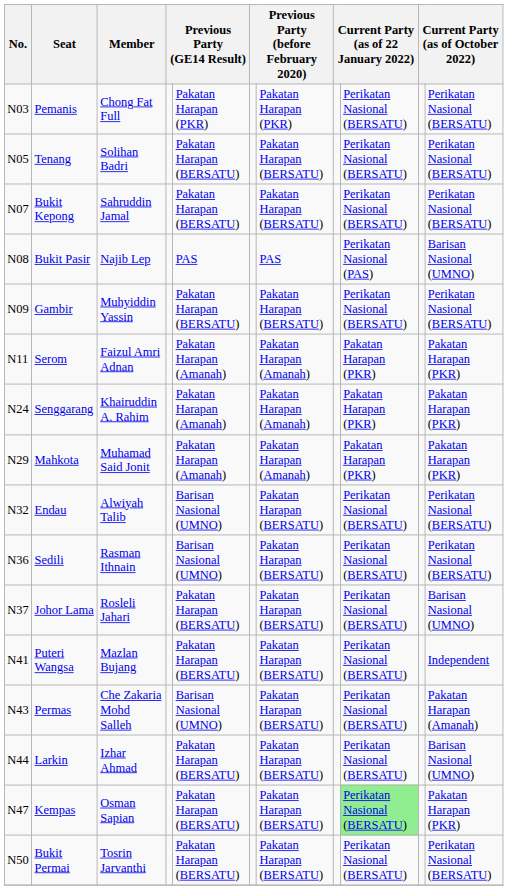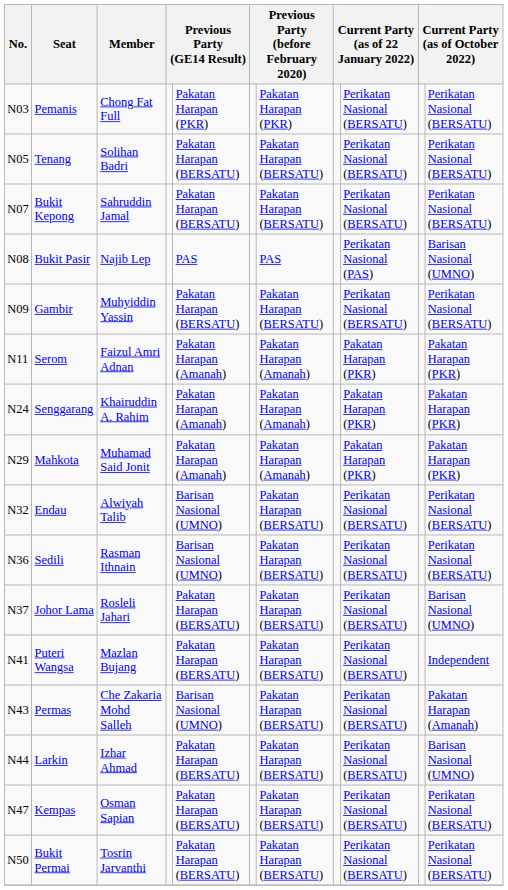 <table class="wikitable sortable mw-collapsible mw-collapsed" style="font-size:95%;">
 <tr>
 <th scope="col">No.</th>
 <th scope="col">Seat</th>
 <th scope="col">Member</th>
 <th colspan="2" scope="col">Previous Party<br>(GE14 Result)</th>
 <th colspan="2" scope="col">Previous Party<br>(before February 2020)</th>
 <th colspan="2" scope="col">Current Party<br>(as of 22 January 2022)</th>
 <th colspan="2" scope="col">Current Party<br>(as of October 2022)</th>
 </tr>
 <tr>
 <td>N03</td>
 <td><a href='#'>Pemanis</a></td>
 <td><a href='#'>Chong Fat Full</a></td>
 <td width="1"></td>
 <td><a href='#'>Pakatan Harapan</a> (<a href='#'>PKR</a>)</td>
 <td width="1"></td>
 <td><a href='#'>Pakatan Harapan</a> (<a href='#'>PKR</a>)</td>
 <td width="1"></td>
 <td><a href='#'>Perikatan Nasional</a> (<a href='#'>BERSATU</a>)</td>
 <td width="1"></td>
 <td><a href='#'>Perikatan Nasional</a> (<a href='#'>BERSATU</a>)</td>
 </tr>
 <tr>
 <td>N05</td>
 <td><a href='#'>Tenang</a></td>
 <td><a href='#'>Solihan Badri</a></td>
 <td width="1"></td>
 <td><a href='#'>Pakatan Harapan</a> (<a href='#'>BERSATU</a>)</td>
 <td width="1"></td>
 <td><a href='#'>Pakatan Harapan</a> (<a href='#'>BERSATU</a>)</td>
 <td width="1"></td>
 <td><a href='#'>Perikatan Nasional</a> (<a href='#'>BERSATU</a>)</td>
 <td width="1"></td>
 <td><a href='#'>Perikatan Nasional</a> (<a href='#'>BERSATU</a>)</td>
 </tr>
 <tr>
 <td>N07</td>
 <td><a href='#'>Bukit Kepong</a></td>
 <td><a href='#'>Sahruddin Jamal</a></td>
 <td width="1"></td>
 <td><a href='#'>Pakatan Harapan</a> (<a href='#'>BERSATU</a>)</td>
 <td width="1"></td>
 <td><a href='#'>Pakatan Harapan</a> (<a href='#'>BERSATU</a>)</td>
 <td width="1"></td>
 <td><a href='#'>Perikatan Nasional</a> (<a href='#'>BERSATU</a>)</td>
 <td width="1"></td>
 <td><a href='#'>Perikatan Nasional</a> (<a href='#'>BERSATU</a>)</td>
 </tr>
 <tr>
 <td>N08</td>
 <td><a href='#'>Bukit Pasir</a></td>
 <td><a href='#'>Najib Lep</a></td>
 <td width="1"></td>
 <td><a href='#'>PAS</a></td>
 <td width="1"></td>
 <td><a href='#'>PAS</a></td>
 <td width="1"></td>
 <td><a href='#'>Perikatan Nasional</a> (<a href='#'>PAS</a>)</td>
 <td width="1"></td>
 <td><a href='#'>Barisan Nasional</a> (<a href='#'>UMNO</a>)</td>
 </tr>
 <tr>
 <td>N09</td>
 <td><a href='#'>Gambir</a></td>
 <td><a href='#'>Muhyiddin Yassin</a></td>
 <td width="1"></td>
 <td><a href='#'>Pakatan Harapan</a> (<a href='#'>BERSATU</a>)</td>
 <td width="1"></td>
 <td><a href='#'>Pakatan Harapan</a> (<a href='#'>BERSATU</a>)</td>
 <td width="1"></td>
 <td><a href='#'>Perikatan Nasional</a> (<a href='#'>BERSATU</a>)</td>
 <td width="1"></td>
 <td><a href='#'>Perikatan Nasional</a> (<a href='#'>BERSATU</a>)</td>
 </tr>
 <tr>
 <td>N11</td>
 <td><a href='#'>Serom</a></td>
 <td><a href='#'>Faizul Amri Adnan</a></td>
 <td width="1"></td>
 <td><a href='#'>Pakatan Harapan</a> (<a href='#'>Amanah</a>)</td>
 <td width="1"></td>
 <td><a href='#'>Pakatan Harapan</a> (<a href='#'>Amanah</a>)</td>
 <td width="1"></td>
 <td><a href='#'>Pakatan Harapan</a> (<a href='#'>PKR</a>)</td>
 <td width="1"></td>
 <td><a href='#'>Pakatan Harapan</a> (<a href='#'>PKR</a>)</td>
 </tr>
 <tr>
 <td>N24</td>
 <td><a href='#'>Senggarang</a></td>
 <td><a href='#'>Khairuddin A. Rahim</a></td>
 <td width="1"></td>
 <td><a href='#'>Pakatan Harapan</a> (<a href='#'>Amanah</a>)</td>
 <td width="1"></td>
 <td><a href='#'>Pakatan Harapan</a> (<a href='#'>Amanah</a>)</td>
 <td width="1"></td>
 <td><a href='#'>Pakatan Harapan</a> (<a href='#'>PKR</a>)</td>
 <td width="1"></td>
 <td><a href='#'>Pakatan Harapan</a> (<a href='#'>PKR</a>)</td>
 </tr>
 <tr>
 <td>N29</td>
 <td><a href='#'>Mahkota</a></td>
 <td><a href='#'>Muhamad Said Jonit</a></td>
 <td width="1"></td>
 <td><a href='#'>Pakatan Harapan</a> (<a href='#'>Amanah</a>)</td>
 <td width="1"></td>
 <td><a href='#'>Pakatan Harapan</a> (<a href='#'>Amanah</a>)</td>
 <td width="1"></td>
 <td><a href='#'>Pakatan Harapan</a> (<a href='#'>PKR</a>)</td>
 <td width="1"></td>
 <td><a href='#'>Pakatan Harapan</a> (<a href='#'>PKR</a>)</td>
 </tr>
 <tr>
 <td>N32</td>
 <td><a href='#'>Endau</a></td>
 <td><a href='#'>Alwiyah Talib</a></td>
 <td width="1"></td>
 <td><a href='#'>Barisan Nasional</a> (<a href='#'>UMNO</a>)</td>
 <td width="1"></td>
 <td><a href='#'>Pakatan Harapan</a> (<a href='#'>BERSATU</a>)</td>
 <td width="1"></td>
 <td><a href='#'>Perikatan Nasional</a> (<a href='#'>BERSATU</a>)</td>
 <td width="1"></td>
 <td><a href='#'>Perikatan Nasional</a> (<a href='#'>BERSATU</a>)</td>
 </tr>
 <tr>
 <td>N36</td>
 <td><a href='#'>Sedili</a></td>
 <td><a href='#'>Rasman Ithnain</a></td>
 <td width="1"></td>
 <td><a href='#'>Barisan Nasional</a> (<a href='#'>UMNO</a>)</td>
 <td width="1"></td>
 <td><a href='#'>Pakatan Harapan</a> (<a href='#'>BERSATU</a>)</td>
 <td width="1"></td>
 <td><a href='#'>Perikatan Nasional</a> (<a href='#'>BERSATU</a>)</td>
 <td width="1"></td>
 <td><a href='#'>Perikatan Nasional</a> (<a href='#'>BERSATU</a>)</td>
 </tr>
 <tr>
 <td>N37</td>
 <td><a href='#'>Johor Lama</a></td>
 <td><a href='#'>Rosleli Jahari</a></td>
 <td width="1"></td>
 <td><a href='#'>Pakatan Harapan</a> (<a href='#'>BERSATU</a>)</td>
 <td width="1"></td>
 <td><a href='#'>Pakatan Harapan</a> (<a href='#'>BERSATU</a>)</td>
 <td width="1"></td>
 <td><a href='#'>Perikatan Nasional</a> (<a href='#'>BERSATU</a>)</td>
 <td width="1"></td>
 <td><a href='#'>Barisan Nasional</a> (<a href='#'>UMNO</a>)</td>
 </tr>
 <tr>
 <td>N41</td>
 <td><a href='#'>Puteri Wangsa</a></td>
 <td><a href='#'>Mazlan Bujang</a></td>
 <td width="1"></td>
 <td><a href='#'>Pakatan Harapan</a> (<a href='#'>BERSATU</a>)</td>
 <td width="1"></td>
 <td><a href='#'>Pakatan Harapan</a> (<a href='#'>BERSATU</a>)</td>
 <td width="1"></td>
 <td><a href='#'>Perikatan Nasional</a> (<a href='#'>BERSATU</a>)</td>
 <td width="1"></td>
 <td><a href='#'>Independent</a></td>
 </tr>
 <tr>
 <td>N43</td>
 <td><a href='#'>Permas</a></td>
 <td><a href='#'>Che Zakaria Mohd Salleh</a></td>
 <td width="1"></td>
 <td><a href='#'>Barisan Nasional</a> (<a href='#'>UMNO</a>)</td>
 <td width="1"></td>
 <td><a href='#'>Pakatan Harapan</a> (<a href='#'>BERSATU</a>)</td>
 <td width="1"></td>
 <td><a href='#'>Perikatan Nasional</a> (<a href='#'>BERSATU</a>)</td>
 <td width="1"></td>
 <td><a href='#'>Pakatan Harapan</a> (<a href='#'>Amanah</a>)</td>
 </tr>
 <tr>
 <td>N44</td>
 <td><a href='#'>Larkin</a></td>
 <td><a href='#'>Izhar Ahmad</a></td>
 <td width="1"></td>
 <td><a href='#'>Pakatan Harapan</a> (<a href='#'>BERSATU</a>)</td>
 <td width="1"></td>
 <td><a href='#'>Pakatan Harapan</a> (<a href='#'>BERSATU</a>)</td>
 <td width="1"></td>
 <td><a href='#'>Perikatan Nasional</a> (<a href='#'>BERSATU</a>)</td>
 <td width="1"></td>
 <td><a href='#'>Barisan Nasional</a> (<a href='#'>UMNO</a>)</td>
 </tr>
 <tr>
 <td>N47</td>
 <td><a href='#'>Kempas</a></td>
 <td><a href='#'>Osman Sapian</a></td>
 <td width="1"></td>
 <td><a href='#'>Pakatan Harapan</a> (<a href='#'>BERSATU</a>)</td>
 <td width="1"></td>
 <td><a href='#'>Pakatan Harapan</a> (<a href='#'>BERSATU</a>)</td>
 <td width="1"></td>
-<td style="background: lightgreen;"><a href='#'>Perikatan Nasional</a> (<a href='#'>BERSATU</a>)</td>
+<td><a href='#'>Perikatan Nasional</a> (<a href='#'>BERSATU</a>)</td>
 <td width="1"></td>
-<td><a href='#'>Pakatan Harapan</a> (<a href='#'>PKR</a>)</td>
+<td><a href='#'>Perikatan Nasional</a> (<a href='#'>BERSATU</a>)</td>
 </tr>
 <tr>
 <td>N50</td>
 <td><a href='#'>Bukit Permai</a></td>
 <td><a href='#'>Tosrin Jarvanthi</a></td>
 <td width="1"></td>
 <td><a href='#'>Pakatan Harapan</a> (<a href='#'>BERSATU</a>)</td>
 <td width="1"></td>
 <td><a href='#'>Pakatan Harapan</a> (<a href='#'>BERSATU</a>)</td>
 <td width="1"></td>
 <td><a href='#'>Perikatan Nasional</a> (<a href='#'>BERSATU</a>)</td>
 <td width="1"></td>
 <td><a href='#'>Perikatan Nasional</a> (<a href='#'>BERSATU</a>)</td>
 </tr>
 <tr>
 </tr>
 </table>
